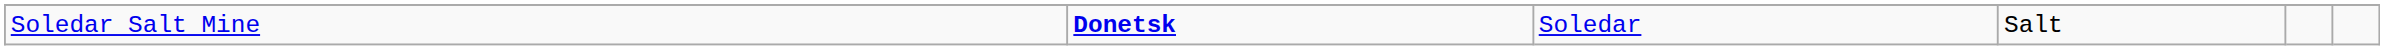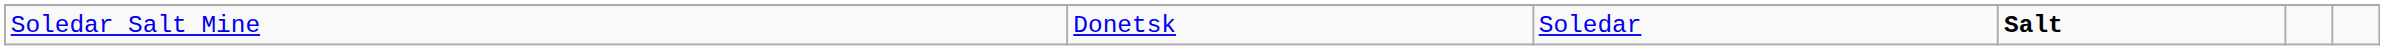 <table class="wikitable sortable" style="width:100%">
 <tr ! Name !! Oblast !! Municipality !! class="unsortable" | Notes !! class="unsortable" | Location !! class="unsortable" style="width:150px" | Picture>
 </tr>
 <tr>
 <td><a href='#'>Soledar Salt Mine</a></td>
-<td><strong><a href='#'>Donetsk</a></strong></td>
+<td><a href='#'>Donetsk</a></td>
 <td><a href='#'>Soledar</a></td>
-<td>Salt</td>
+<td><strong>Salt</strong></td>
 <td></td>
 <td></td>
 </tr>
 </table>
